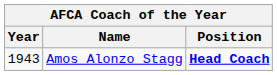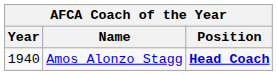 <table class="wikitable">
 <tr align="center">
 <th colspan=5>AFCA Coach of the Year</th>
 </tr>
 <tr>
 <th>Year</th>
 <th>Name</th>
 <th>Position</th>
 </tr>
 <tr align="center" bgcolor="">
-<td>1943</td>
+<td>1940</td>
 <td><a href='#'>Amos Alonzo Stagg</a></td>
 <td><strong><a href='#'>Head Coach</a></strong></td>
 </tr>
 </table>
